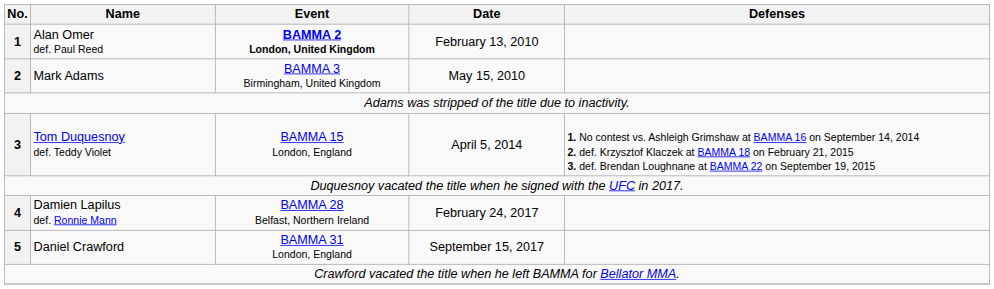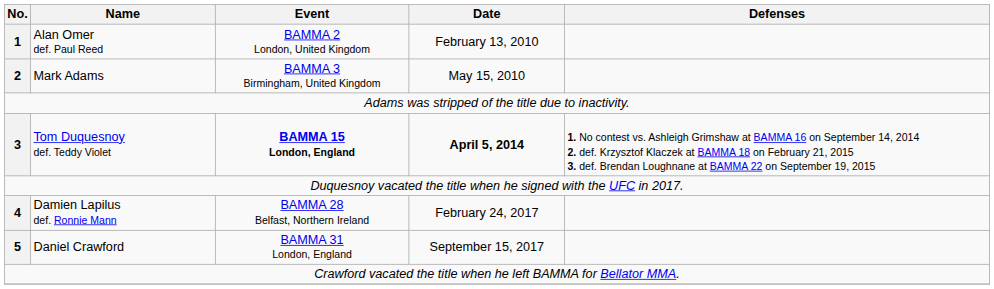 <table class="wikitable">
 <tr>
 <th width=1%>No.</th>
 <th width=19%>Name</th>
 <th width=20%>Event</th>
 <th width=16%>Date</th>
 <th width=44%>Defenses</th>
 </tr>
 <tr>
 <th>1</th>
 <td align=left> Alan Omer<br><small>def. Paul Reed</small></td>
-<td align=center><strong><a href='#'>BAMMA 2</a><br><small>London, United Kingdom</small></strong></td>
+<td align=center><a href='#'>BAMMA 2</a><br><small>London, United Kingdom</small></td>
 <td align=center>February 13, 2010</td>
 <td></td>
 </tr>
 <tr>
 <th>2</th>
 <td align=left> Mark Adams</td>
 <td align=center><a href='#'>BAMMA 3</a><br><small>Birmingham, United Kingdom</small></td>
 <td align=center>May 15, 2010</td>
 <td></td>
 </tr>
 <tr>
 <td align="center" colspan="5"><em>Adams was stripped of the title due to inactivity.</em></td>
 </tr>
 <tr>
 <th>3</th>
 <td align=left> <a href='#'>Tom Duquesnoy</a><br><small>def. Teddy Violet</small></td>
-<td align=center><a href='#'>BAMMA 15</a><br><small>London, England</small></td>
-<td align=center>April 5, 2014</td>
+<td align=center><strong><a href='#'>BAMMA 15</a><br><small>London, England</small></strong></td>
+<td align=center><strong>April 5, 2014</strong></td>
 <td><br><small><strong>1.</strong> No contest vs. Ashleigh Grimshaw at <a href='#'>BAMMA 16</a> on September 14, 2014<br></small> <small><strong>2.</strong> def. Krzysztof Klaczek at <a href='#'>BAMMA 18</a> on February 21, 2015<br></small> <small><strong>3.</strong> def. Brendan Loughnane at <a href='#'>BAMMA 22</a> on September 19, 2015<br></small></td>
 </tr>
 <tr>
 <td align="center" colspan="5"><em>Duquesnoy vacated the title when he signed with the <a href='#'>UFC</a> in 2017.</em></td>
 </tr>
 <tr>
 <th>4</th>
 <td align=left> Damien Lapilus<br><small>def. <a href='#'>Ronnie Mann</a></small></td>
 <td align=center><a href='#'>BAMMA 28</a><br><small>Belfast, Northern Ireland</small></td>
 <td align=center>February 24, 2017</td>
 <td></td>
 </tr>
 <tr>
 <th>5</th>
 <td align=left> Daniel Crawford<br></td>
 <td align=center><a href='#'>BAMMA 31</a><br><small>London, England</small></td>
 <td align=center>September 15, 2017</td>
 <td></td>
 </tr>
 <tr>
 <td align="center" colspan="5"><em>Crawford vacated the title when he left BAMMA for <a href='#'>Bellator MMA</a>.</em></td>
 </tr>
 <tr>
 </tr>
 </table>
